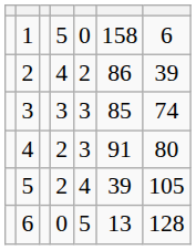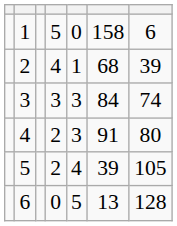 <table class="wikitable" style="text-align: center;">
 <tr>
 <th></th>
 <th></th>
 <th></th>
 <th></th>
 <th></th>
 <th></th>
 <th></th>
 </tr>
 <tr>
 <td></td>
 <td>1</td>
 <td align=left></td>
 <td>5</td>
 <td>0</td>
 <td>158</td>
 <td>6</td>
 </tr>
 <tr>
 <td></td>
 <td>2</td>
 <td align=left></td>
 <td>4</td>
-<td>2</td>
-<td>86</td>
+<td>1</td>
+<td>68</td>
 <td>39</td>
 </tr>
 <tr>
 <td></td>
 <td>3</td>
 <td align=left></td>
 <td>3</td>
 <td>3</td>
-<td>85</td>
+<td>84</td>
 <td>74</td>
 </tr>
 <tr>
 <td></td>
 <td>4</td>
 <td align=left></td>
 <td>2</td>
 <td>3</td>
 <td>91</td>
 <td>80</td>
 </tr>
 <tr>
 <td></td>
 <td>5</td>
 <td align=left></td>
 <td>2</td>
 <td>4</td>
 <td>39</td>
 <td>105</td>
 </tr>
 <tr>
 <td></td>
 <td>6</td>
 <td align=left></td>
 <td>0</td>
 <td>5</td>
 <td>13</td>
 <td>128</td>
 </tr>
 </table>
